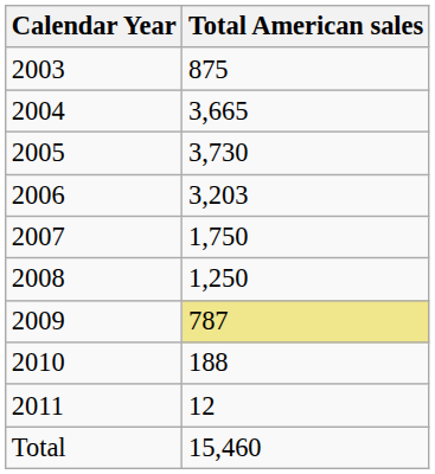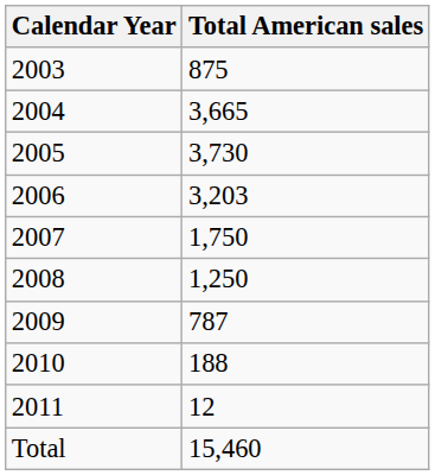 <table class="wikitable defaultcenter col1left">
 <tr>
 <th>Calendar Year</th>
 <th>Total American sales</th>
 </tr>
 <tr>
 <td>2003</td>
 <td>875</td>
 </tr>
 <tr>
 <td>2004</td>
 <td>3,665</td>
 </tr>
 <tr>
 <td>2005</td>
 <td>3,730</td>
 </tr>
 <tr>
 <td>2006</td>
 <td>3,203</td>
 </tr>
 <tr>
 <td>2007</td>
 <td>1,750</td>
 </tr>
 <tr>
 <td>2008</td>
 <td>1,250</td>
 </tr>
 <tr>
 <td>2009</td>
-<td style="background: khaki;">787</td>
+<td>787</td>
 </tr>
 <tr>
 <td>2010</td>
 <td>188</td>
 </tr>
 <tr>
 <td>2011</td>
 <td>12</td>
 </tr>
 <tr>
 <td>Total</td>
 <td>15,460</td>
 </tr>
 </table>
